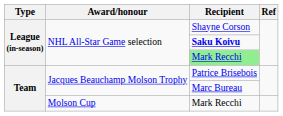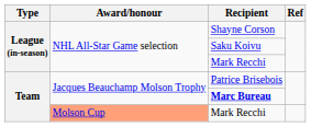 <table class="wikitable">
 <tr>
 <th scope="col">Type</th>
 <th scope="col">Award/honour</th>
 <th scope="col">Recipient</th>
 <th scope="col">Ref</th>
 </tr>
 <tr>
 <th scope="row" rowspan=3>League<br><small>(in-season)</small></th>
 <td rowspan=3><a href='#'>NHL All-Star Game</a> selection</td>
 <td><a href='#'>Shayne Corson</a></td>
 <td rowspan=3></td>
 </tr>
 <tr>
-<td><strong><a href='#'>Saku Koivu</a></strong></td>
+<td><a href='#'>Saku Koivu</a></td>
 </tr>
 <tr>
-<td style="background: lightgreen;"><a href='#'>Mark Recchi</a></td>
+<td><a href='#'>Mark Recchi</a></td>
 </tr>
 <tr>
 <th scope="row" rowspan="3">Team</th>
 <td rowspan="2"><a href='#'>Jacques Beauchamp Molson Trophy</a></td>
 <td><a href='#'>Patrice Brisebois</a></td>
 <td rowspan="2"></td>
 </tr>
 <tr>
-<td><a href='#'>Marc Bureau</a></td>
+<td><strong><a href='#'>Marc Bureau</a></strong></td>
 </tr>
 <tr>
-<td><a href='#'>Molson Cup</a></td>
+<td style="background: lightsalmon;"><a href='#'>Molson Cup</a></td>
 <td>Mark Recchi</td>
 <td></td>
 </tr>
 </table>
